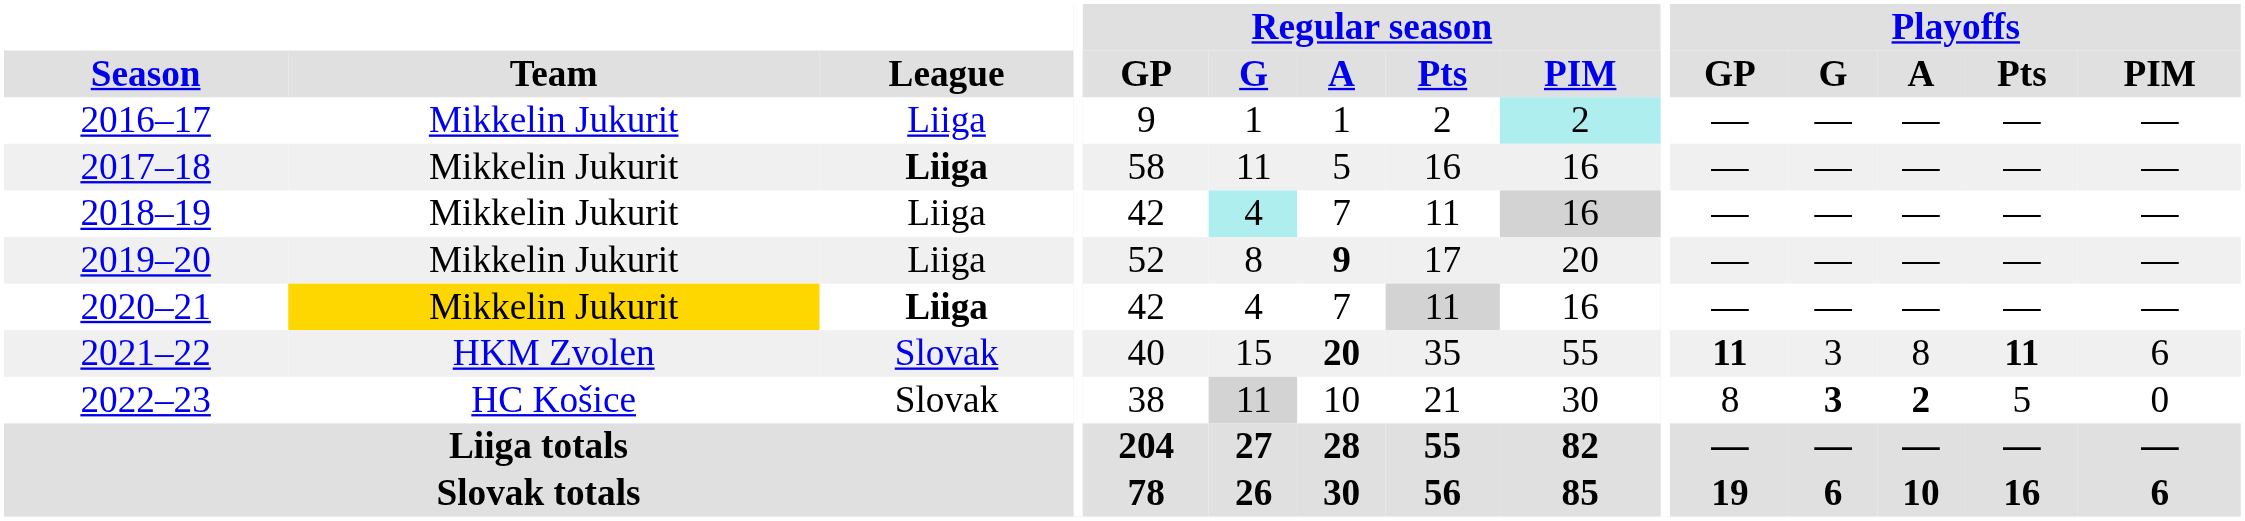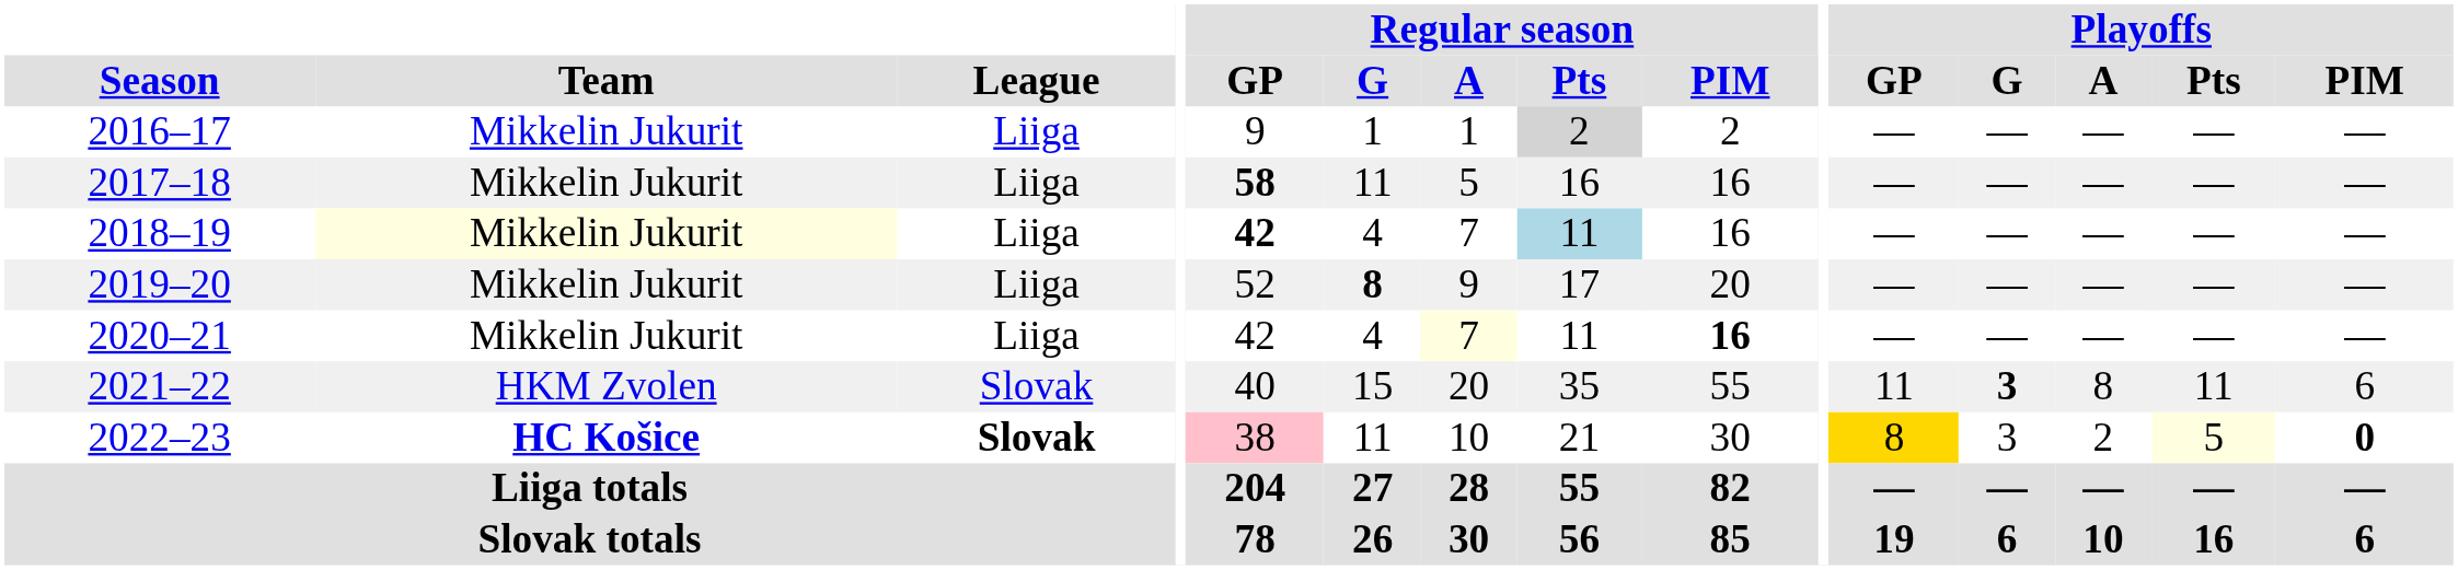 <table border="0" cellpadding="1" cellspacing="0" style="text-align:center; width:60em">
 <tr bgcolor="#e0e0e0">
 <th colspan="3" bgcolor="#ffffff"></th>
 <th rowspan="99" bgcolor="#ffffff"></th>
 <th colspan="5"><a href='#'>Regular season</a></th>
 <th rowspan="99" bgcolor="#ffffff"></th>
 <th colspan="5"><a href='#'>Playoffs</a></th>
 </tr>
 <tr bgcolor="#e0e0e0">
 <th><a href='#'>Season</a></th>
 <th>Team</th>
 <th>League</th>
 <th>GP</th>
 <th><a href='#'>G</a></th>
 <th><a href='#'>A</a></th>
 <th><a href='#'>Pts</a></th>
 <th><a href='#'>PIM</a></th>
 <th>GP</th>
 <th>G</th>
 <th>A</th>
 <th>Pts</th>
 <th>PIM</th>
 </tr>
 <tr>
 <td><a href='#'>2016–17</a></td>
 <td><a href='#'>Mikkelin Jukurit</a></td>
 <td><a href='#'>Liiga</a></td>
 <td>9</td>
 <td>1</td>
 <td>1</td>
+<td style="background: lightgrey;">2</td>
 <td>2</td>
-<td style="background: paleturquoise;">2</td>
 <td>—</td>
 <td>—</td>
 <td>—</td>
 <td>—</td>
 <td>—</td>
 </tr>
 <tr>
 </tr>
 <tr bgcolor="#f0f0f0">
 <td><a href='#'>2017–18</a></td>
 <td>Mikkelin Jukurit</td>
-<td><strong>Liiga</strong></td>
-<td>58</td>
+<td>Liiga</td>
+<td><strong>58</strong></td>
 <td>11</td>
 <td>5</td>
 <td>16</td>
 <td>16</td>
 <td>—</td>
 <td>—</td>
 <td>—</td>
 <td>—</td>
 <td>—</td>
 </tr>
 <tr>
 <td><a href='#'>2018–19</a></td>
-<td>Mikkelin Jukurit</td>
+<td style="background: lightyellow;">Mikkelin Jukurit</td>
 <td>Liiga</td>
-<td>42</td>
-<td style="background: paleturquoise;">4</td>
+<td><strong>42</strong></td>
+<td>4</td>
 <td>7</td>
-<td>11</td>
-<td style="background: lightgrey;">16</td>
+<td style="background: lightblue;">11</td>
+<td>16</td>
 <td>—</td>
 <td>—</td>
 <td>—</td>
 <td>—</td>
 <td>—</td>
 </tr>
 <tr bgcolor="#f0f0f0">
 <td><a href='#'>2019–20</a></td>
 <td>Mikkelin Jukurit</td>
 <td>Liiga</td>
 <td>52</td>
-<td>8</td>
-<td><strong>9</strong></td>
+<td><strong>8</strong></td>
+<td>9</td>
 <td>17</td>
 <td>20</td>
 <td>—</td>
 <td>—</td>
 <td>—</td>
 <td>—</td>
 <td>—</td>
 </tr>
 <tr>
 <td><a href='#'>2020–21</a></td>
-<td style="background: gold;">Mikkelin Jukurit</td>
-<td><strong>Liiga</strong></td>
+<td>Mikkelin Jukurit</td>
+<td>Liiga</td>
 <td>42</td>
 <td>4</td>
-<td>7</td>
-<td style="background: lightgrey;">11</td>
-<td>16</td>
+<td style="background: lightyellow;">7</td>
+<td>11</td>
+<td><strong>16</strong></td>
 <td>—</td>
 <td>—</td>
 <td>—</td>
 <td>—</td>
 <td>—</td>
 </tr>
 <tr bgcolor="#f0f0f0">
 <td><a href='#'>2021–22</a></td>
 <td><a href='#'>HKM Zvolen</a></td>
 <td><a href='#'>Slovak</a></td>
 <td>40</td>
 <td>15</td>
-<td><strong>20</strong></td>
+<td>20</td>
 <td>35</td>
 <td>55</td>
-<td><strong>11</strong></td>
-<td>3</td>
+<td>11</td>
+<td><strong>3</strong></td>
 <td>8</td>
-<td><strong>11</strong></td>
+<td>11</td>
 <td>6</td>
 </tr>
 <tr>
 <td><a href='#'>2022–23</a></td>
-<td><a href='#'>HC Košice</a></td>
-<td>Slovak</td>
-<td>38</td>
-<td style="background: lightgrey;">11</td>
+<td><strong><a href='#'>HC Košice</a></strong></td>
+<td><strong>Slovak</strong></td>
+<td style="background: pink;">38</td>
+<td>11</td>
 <td>10</td>
 <td>21</td>
 <td>30</td>
-<td>8</td>
-<td><strong>3</strong></td>
-<td><strong>2</strong></td>
-<td>5</td>
-<td>0</td>
+<td style="background: gold;">8</td>
+<td>3</td>
+<td>2</td>
+<td style="background: lightyellow;">5</td>
+<td><strong>0</strong></td>
 </tr>
 <tr bgcolor="#e0e0e0">
 <th colspan="3">Liiga totals</th>
 <th>204</th>
 <th>27</th>
 <th>28</th>
 <th>55</th>
 <th>82</th>
 <th>—</th>
 <th>—</th>
 <th>—</th>
 <th>—</th>
 <th>—</th>
 </tr>
 <tr bgcolor="#e0e0e0">
 <th colspan="3">Slovak totals</th>
 <th>78</th>
 <th>26</th>
 <th>30</th>
 <th>56</th>
 <th>85</th>
 <th>19</th>
 <th>6</th>
 <th>10</th>
 <th>16</th>
 <th>6</th>
 </tr>
 </table>
